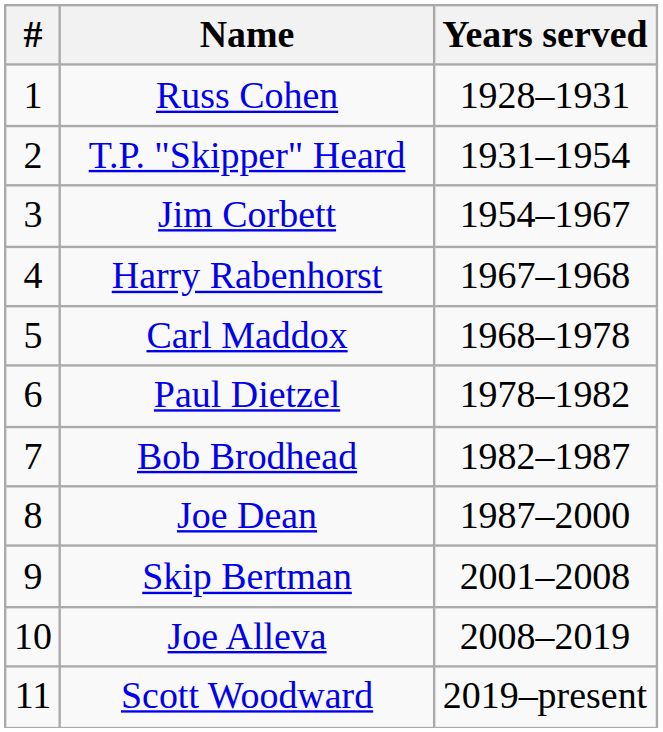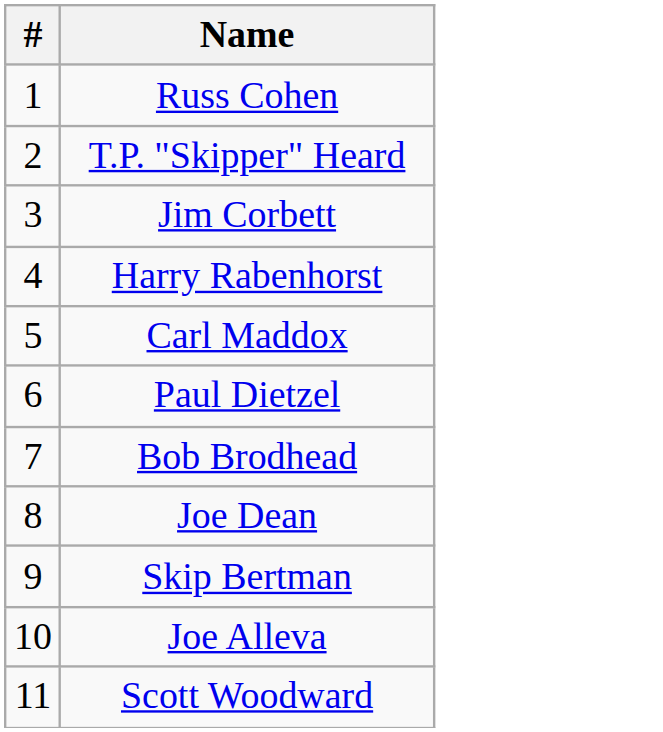 <table class="wikitable sortable"; style="text-align:center;">
 <tr>
 <th width=px>#</th>
 <th width=150px>Name</th>
-<th width=px>Years served</th>
 </tr>
 <tr>
 <td>1</td>
 <td><a href='#'>Russ Cohen</a></td>
-<td>1928–1931</td>
 </tr>
 <tr>
 <td>2</td>
 <td><a href='#'>T.P. "Skipper" Heard</a></td>
-<td>1931–1954</td>
 </tr>
 <tr>
 <td>3</td>
 <td><a href='#'>Jim Corbett</a></td>
-<td>1954–1967</td>
 </tr>
 <tr>
 <td>4</td>
 <td><a href='#'>Harry Rabenhorst</a></td>
-<td>1967–1968</td>
 </tr>
 <tr>
 <td>5</td>
 <td><a href='#'>Carl Maddox</a></td>
-<td>1968–1978</td>
 </tr>
 <tr>
 <td>6</td>
 <td><a href='#'>Paul Dietzel</a></td>
-<td>1978–1982</td>
 </tr>
 <tr>
 <td>7</td>
 <td><a href='#'>Bob Brodhead</a></td>
-<td>1982–1987</td>
 </tr>
 <tr>
 <td>8</td>
 <td><a href='#'>Joe Dean</a></td>
-<td>1987–2000</td>
 </tr>
 <tr>
 <td>9</td>
 <td><a href='#'>Skip Bertman</a></td>
-<td>2001–2008</td>
 </tr>
 <tr>
 <td>10</td>
 <td><a href='#'>Joe Alleva</a></td>
-<td>2008–2019</td>
 </tr>
 <tr>
 <td>11</td>
 <td><a href='#'>Scott Woodward</a></td>
-<td>2019–present</td>
 </tr>
 </table>
